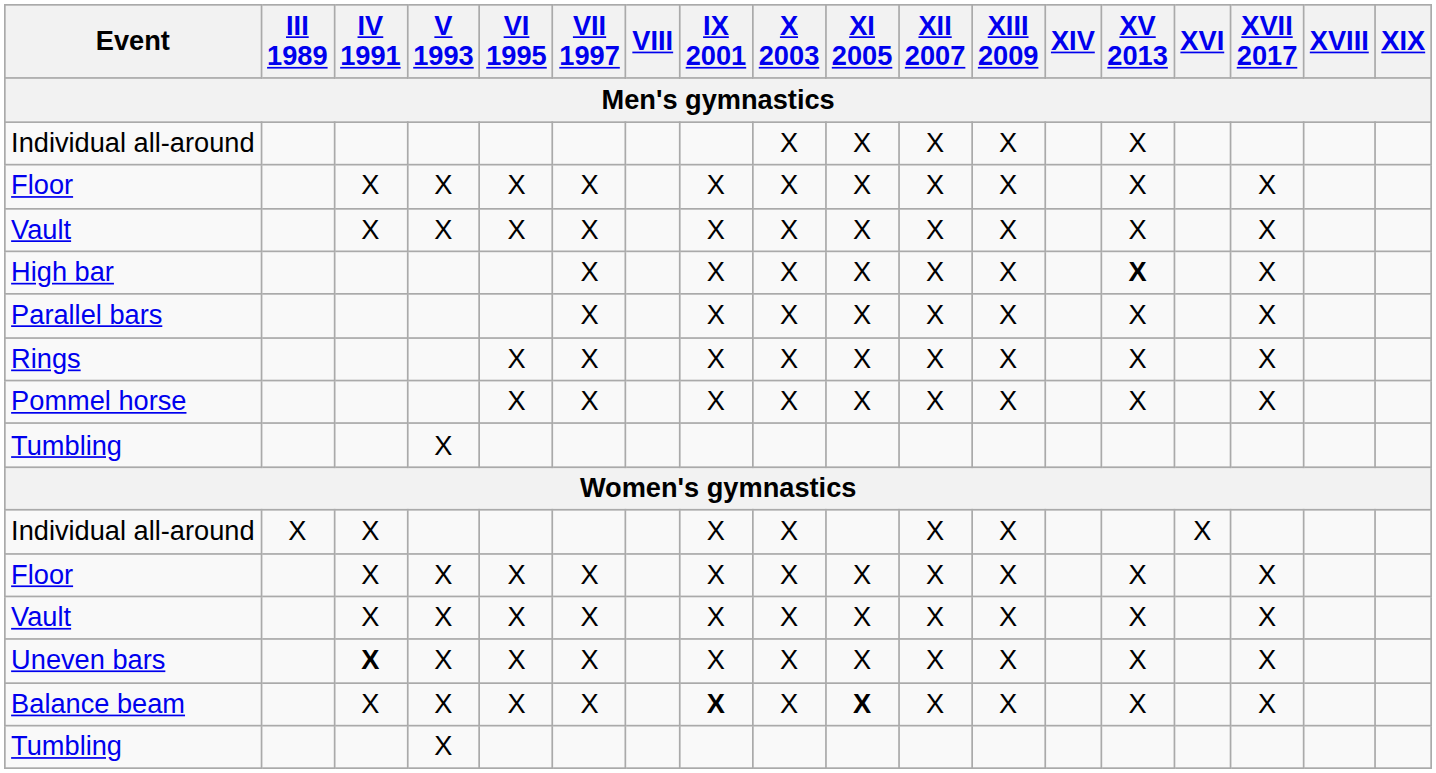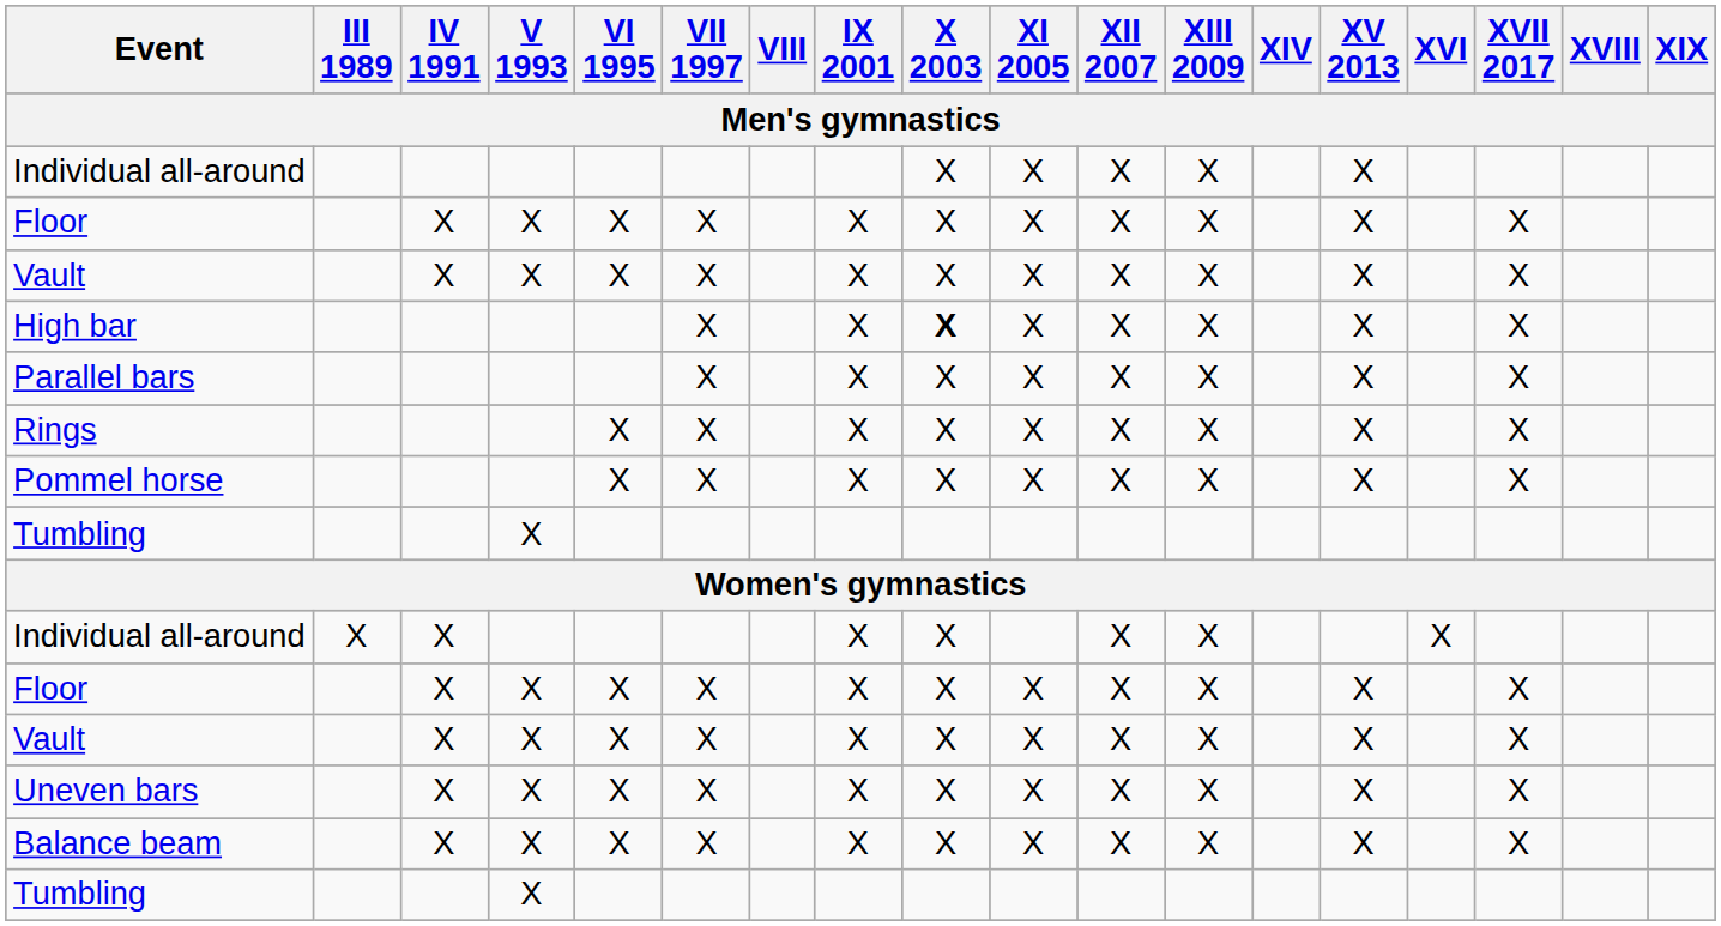 <table class="wikitable" style="text-align:center">
 <tr>
 <th>Event</th>
 <th><a href='#'>III<br>1989</a></th>
 <th><a href='#'>IV<br>1991</a></th>
 <th><a href='#'>V<br>1993</a></th>
 <th><a href='#'>VI<br>1995</a></th>
 <th><a href='#'>VII<br>1997</a></th>
 <th><a href='#'>VIII</a></th>
 <th><a href='#'>IX<br>2001</a></th>
 <th><a href='#'>X<br>2003</a></th>
 <th><a href='#'>XI<br>2005</a></th>
 <th><a href='#'>XII<br>2007</a></th>
 <th><a href='#'>XIII<br>2009</a></th>
 <th><a href='#'>XIV</a></th>
 <th><a href='#'>XV<br>2013</a></th>
 <th><a href='#'>XVI</a></th>
 <th><a href='#'>XVII<br>2017</a></th>
 <th><a href='#'>XVIII</a></th>
 <th><a href='#'>XIX</a></th>
 </tr>
 <tr>
 <th colspan=19>Men's gymnastics</th>
 </tr>
 <tr>
 <td align=left>Individual all-around</td>
 <td></td>
 <td></td>
 <td></td>
 <td></td>
 <td></td>
 <td></td>
 <td></td>
 <td>X</td>
 <td>X</td>
 <td>X</td>
 <td>X</td>
 <td></td>
 <td>X</td>
 <td></td>
 <td></td>
 <td></td>
 <td></td>
 </tr>
 <tr>
 <td align=left><a href='#'>Floor</a></td>
 <td></td>
 <td>X</td>
 <td>X</td>
 <td>X</td>
 <td>X</td>
 <td></td>
 <td>X</td>
 <td>X</td>
 <td>X</td>
 <td>X</td>
 <td>X</td>
 <td></td>
 <td>X</td>
 <td></td>
 <td>X</td>
 <td></td>
 <td></td>
 </tr>
 <tr>
 <td align=left><a href='#'>Vault</a></td>
 <td></td>
 <td>X</td>
 <td>X</td>
 <td>X</td>
 <td>X</td>
 <td></td>
 <td>X</td>
 <td>X</td>
 <td>X</td>
 <td>X</td>
 <td>X</td>
 <td></td>
 <td>X</td>
 <td></td>
 <td>X</td>
 <td></td>
 <td></td>
 </tr>
 <tr>
 <td align=left><a href='#'>High bar</a></td>
 <td></td>
 <td></td>
 <td></td>
 <td></td>
 <td>X</td>
 <td></td>
 <td>X</td>
-<td>X</td>
+<td><strong>X</strong></td>
 <td>X</td>
 <td>X</td>
 <td>X</td>
 <td></td>
-<td><strong>X</strong></td>
+<td>X</td>
 <td></td>
 <td>X</td>
 <td></td>
 <td></td>
 </tr>
 <tr>
 <td align=left><a href='#'>Parallel bars</a></td>
 <td></td>
 <td></td>
 <td></td>
 <td></td>
 <td>X</td>
 <td></td>
 <td>X</td>
 <td>X</td>
 <td>X</td>
 <td>X</td>
 <td>X</td>
 <td></td>
 <td>X</td>
 <td></td>
 <td>X</td>
 <td></td>
 <td></td>
 </tr>
 <tr>
 <td align=left><a href='#'>Rings</a></td>
 <td></td>
 <td></td>
 <td></td>
 <td>X</td>
 <td>X</td>
 <td></td>
 <td>X</td>
 <td>X</td>
 <td>X</td>
 <td>X</td>
 <td>X</td>
 <td></td>
 <td>X</td>
 <td></td>
 <td>X</td>
 <td></td>
 <td></td>
 </tr>
 <tr>
 <td align=left><a href='#'>Pommel horse</a></td>
 <td></td>
 <td></td>
 <td></td>
 <td>X</td>
 <td>X</td>
 <td></td>
 <td>X</td>
 <td>X</td>
 <td>X</td>
 <td>X</td>
 <td>X</td>
 <td></td>
 <td>X</td>
 <td></td>
 <td>X</td>
 <td></td>
 <td></td>
 </tr>
 <tr>
 <td align=left><a href='#'>Tumbling</a></td>
 <td></td>
 <td></td>
 <td>X</td>
 <td></td>
 <td></td>
 <td></td>
 <td></td>
 <td></td>
 <td></td>
 <td></td>
 <td></td>
 <td></td>
 <td></td>
 <td></td>
 <td></td>
 <td></td>
 <td></td>
 </tr>
 <tr>
 <th colspan=19>Women's gymnastics</th>
 </tr>
 <tr>
 <td align=left>Individual all-around</td>
 <td>X</td>
 <td>X</td>
 <td></td>
 <td></td>
 <td></td>
 <td></td>
 <td>X</td>
 <td>X</td>
 <td></td>
 <td>X</td>
 <td>X</td>
 <td></td>
 <td></td>
 <td>X</td>
 <td></td>
 <td></td>
 <td></td>
 </tr>
 <tr>
 <td align=left><a href='#'>Floor</a></td>
 <td></td>
 <td>X</td>
 <td>X</td>
 <td>X</td>
 <td>X</td>
 <td></td>
 <td>X</td>
 <td>X</td>
 <td>X</td>
 <td>X</td>
 <td>X</td>
 <td></td>
 <td>X</td>
 <td></td>
 <td>X</td>
 <td></td>
 <td></td>
 </tr>
 <tr>
 <td align=left><a href='#'>Vault</a></td>
 <td></td>
 <td>X</td>
 <td>X</td>
 <td>X</td>
 <td>X</td>
 <td></td>
 <td>X</td>
 <td>X</td>
 <td>X</td>
 <td>X</td>
 <td>X</td>
 <td></td>
 <td>X</td>
 <td></td>
 <td>X</td>
 <td></td>
 <td></td>
 </tr>
 <tr>
 <td align=left><a href='#'>Uneven bars</a></td>
 <td></td>
-<td><strong>X</strong></td>
+<td>X</td>
 <td>X</td>
 <td>X</td>
 <td>X</td>
 <td></td>
 <td>X</td>
 <td>X</td>
 <td>X</td>
 <td>X</td>
 <td>X</td>
 <td></td>
 <td>X</td>
 <td></td>
 <td>X</td>
 <td></td>
 <td></td>
 </tr>
 <tr>
 <td align=left><a href='#'>Balance beam</a></td>
 <td></td>
 <td>X</td>
 <td>X</td>
 <td>X</td>
 <td>X</td>
 <td></td>
-<td><strong>X</strong></td>
 <td>X</td>
-<td><strong>X</strong></td>
+<td>X</td>
+<td>X</td>
 <td>X</td>
 <td>X</td>
 <td></td>
 <td>X</td>
 <td></td>
 <td>X</td>
 <td></td>
 <td></td>
 </tr>
 <tr>
 <td align=left><a href='#'>Tumbling</a></td>
 <td></td>
 <td></td>
 <td>X</td>
 <td></td>
 <td></td>
 <td></td>
 <td></td>
 <td></td>
 <td></td>
 <td></td>
 <td></td>
 <td></td>
 <td></td>
 <td></td>
 <td></td>
 <td></td>
 <td></td>
 </tr>
 </table>
